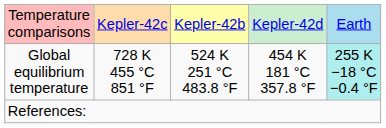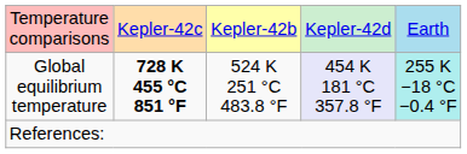 <table class="wikitable" style="margin:auto;">
 <tr style="text-align:center;">
 <td style="background:#fbb;">Temperature<br>comparisons</td>
 <td style="background:#fda;"><a href='#'>Kepler-42c</a></td>
 <td style="background:#ffa;"><a href='#'>Kepler-42b</a></td>
 <td style="background:#cceed0;"><a href='#'>Kepler-42d</a></td>
 <td style="background:#ade;"><a href='#'>Earth</a></td>
 </tr>
 <tr>
 <td style="text-align:center;">Global<br>equilibrium<br>temperature</td>
-<td style="text-align:center;">728 K<br> 455 °C <br>851 °F</td>
+<td style="text-align:center;"><strong>728 K<br> 455 °C <br>851 °F</strong></td>
 <td style="text-align:center;">524 K<br> 251 °C <br> 483.8 °F</td>
-<td style="text-align:center;">454 K<br> 181 °C <br> 357.8 °F</td>
+<td style="background: lavender; text-align:center;">454 K<br> 181 °C <br> 357.8 °F</td>
 <td style="background: paleturquoise; text-align:center;">255 K <br> −18 °C <br> −0.4 °F</td>
 </tr>
 <tr>
 <td colspan="5" style="text-align:left;">References:</td>
 </tr>
 </table>
